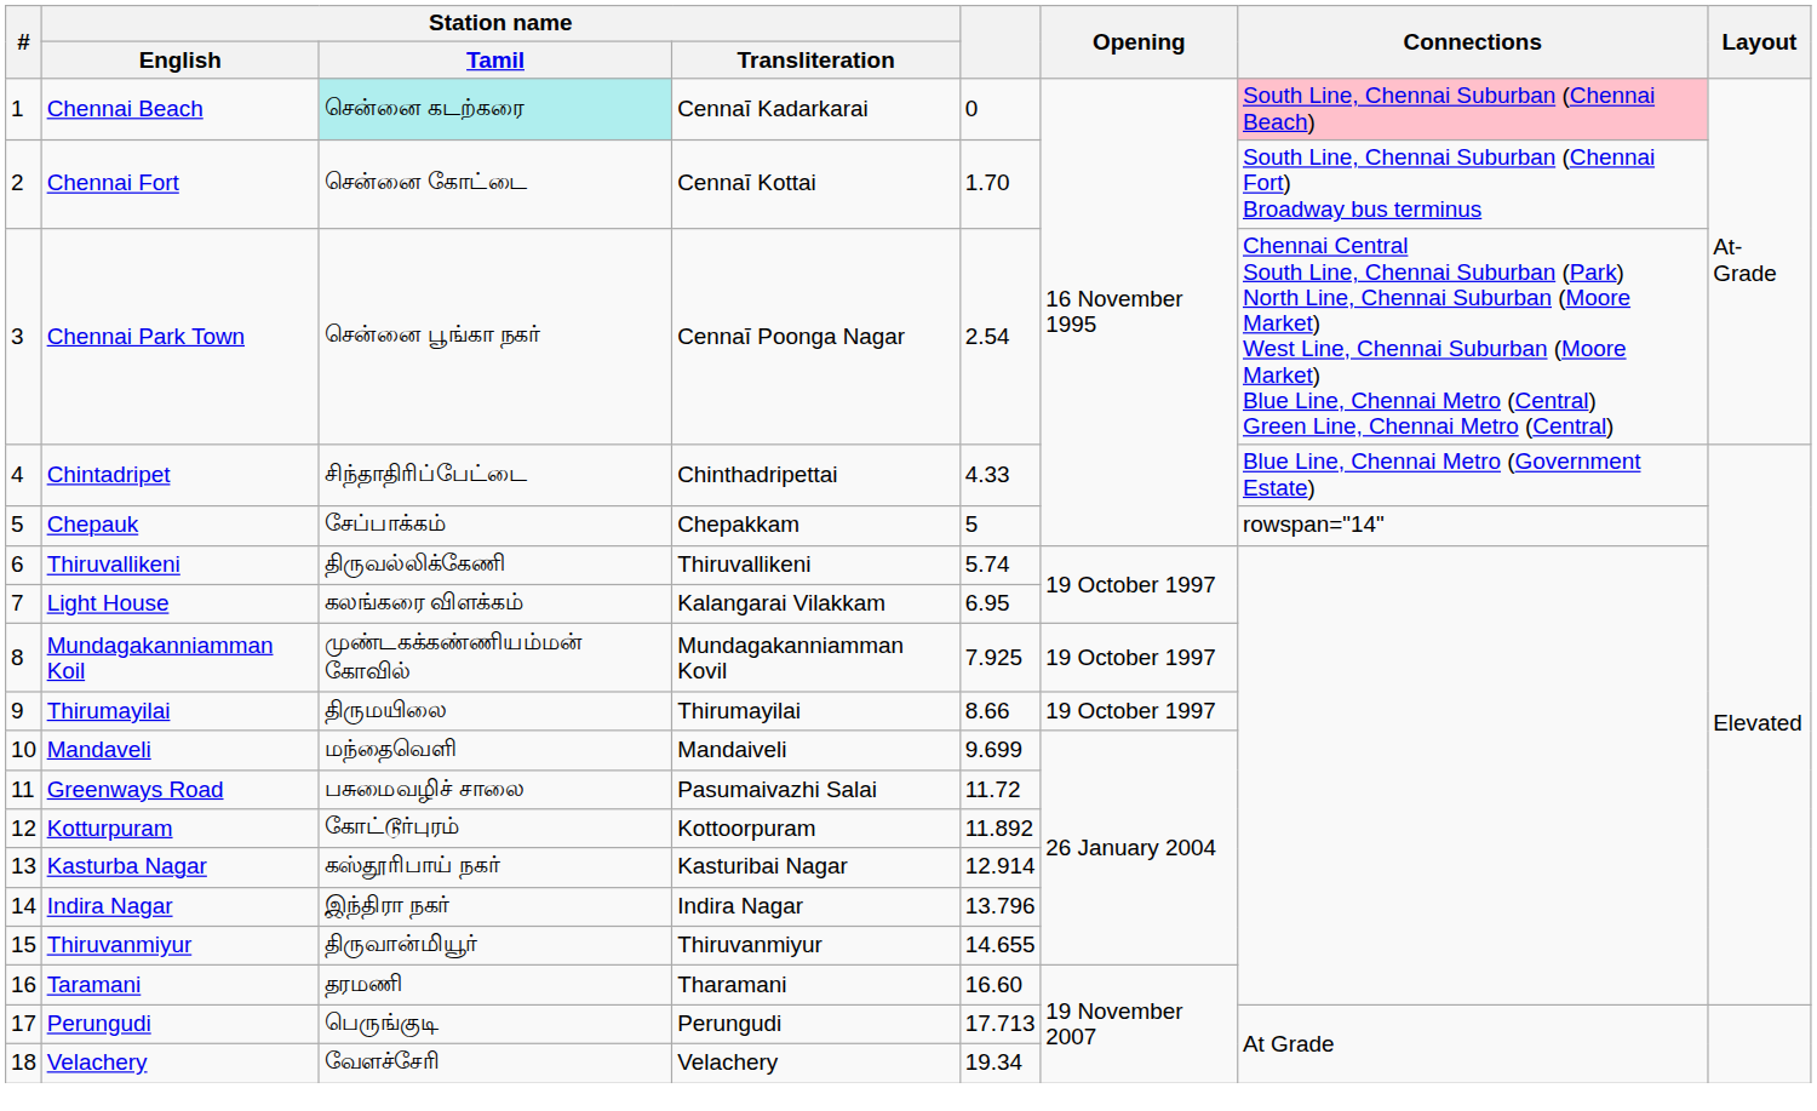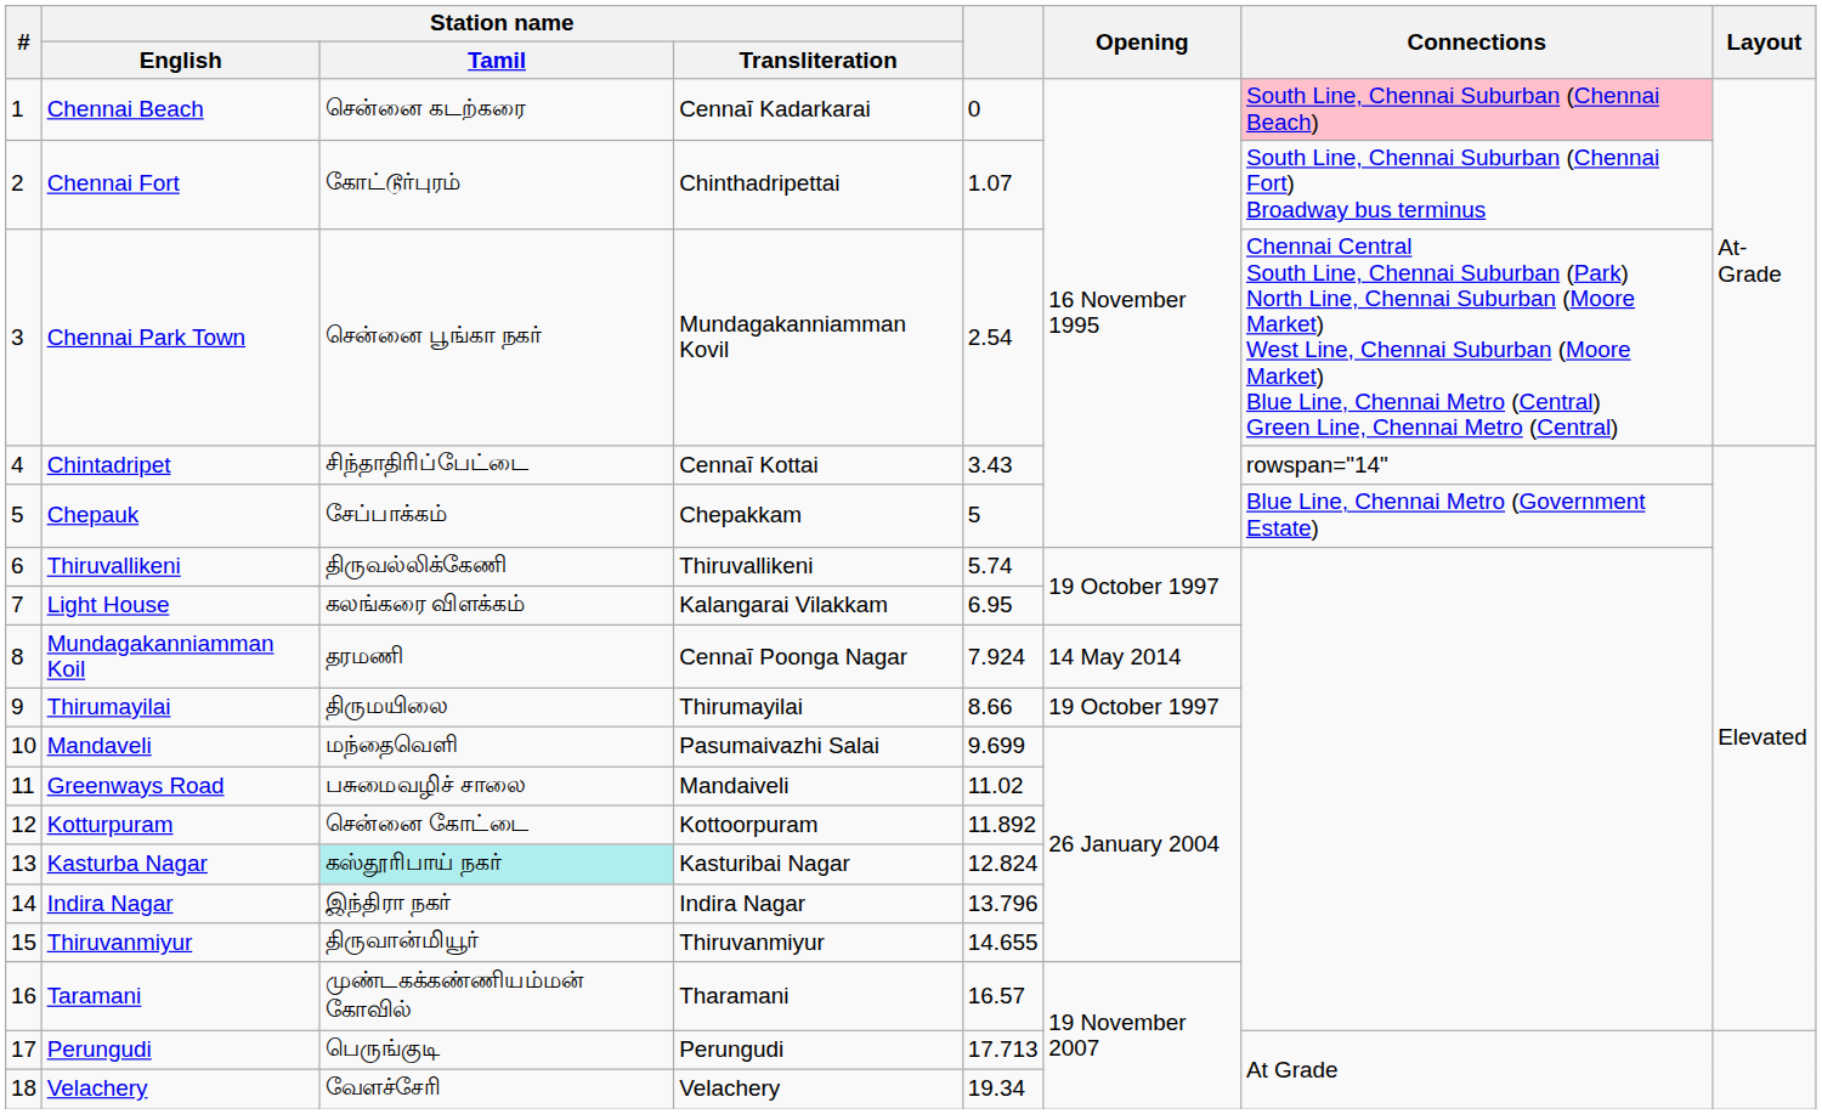 <table class="wikitable sortable" style="width:100%;" style="text-align:left;" style="font-size: 85%">
 <tr>
 <th rowspan="2">#</th>
 <th colspan="3">Station name</th>
 <th rowspan="2"></th>
 <th rowspan="2">Opening</th>
 <th rowspan="2">Connections</th>
 <th rowspan="2">Layout</th>
 </tr>
 <tr>
 <th>English</th>
 <th><a href='#'>Tamil</a></th>
 <th>Transliteration</th>
 </tr>
 <tr>
 <td>1</td>
 <td><a href='#'>Chennai Beach</a></td>
-<td style="background: paleturquoise;">சென்னை கடற்கரை</td>
+<td>சென்னை கடற்கரை</td>
 <td>Cennaī Kadarkarai</td>
 <td>0</td>
 <td rowspan="5">16 November 1995</td>
 <td style="background: pink;"> <a href='#'>South Line, Chennai Suburban</a> (<a href='#'>Chennai Beach</a>)</td>
 <td rowspan="3">At-Grade</td>
 </tr>
 <tr>
 <td>2</td>
 <td><a href='#'>Chennai Fort</a></td>
-<td>சென்னை கோட்டை</td>
-<td>Cennaī Kottai</td>
-<td>1.70</td>
+<td>கோட்டூர்புரம்</td>
+<td>Chinthadripettai</td>
+<td>1.07</td>
 <td> <a href='#'>South Line, Chennai Suburban</a> (<a href='#'>Chennai Fort</a>) <br>  <a href='#'>Broadway bus terminus</a></td>
 </tr>
 <tr>
 <td>3</td>
 <td><a href='#'>Chennai Park Town</a></td>
 <td>சென்னை பூங்கா நகர்</td>
-<td>Cennaī Poonga Nagar</td>
+<td>Mundagakanniamman Kovil</td>
 <td>2.54</td>
 <td> <a href='#'>Chennai Central</a> <br>  <a href='#'>South Line, Chennai Suburban</a> (<a href='#'>Park</a>) <br>  <a href='#'>North Line, Chennai Suburban</a> (<a href='#'>Moore Market</a>) <br>  <a href='#'>West Line, Chennai Suburban</a> (<a href='#'>Moore Market</a>) <br>  <a href='#'>Blue Line, Chennai Metro</a> (<a href='#'>Central</a>) <br>  <a href='#'>Green Line, Chennai Metro</a> (<a href='#'>Central</a>)</td>
 </tr>
 <tr>
 <td>4</td>
 <td><a href='#'>Chintadripet</a></td>
 <td>சிந்தாதிரிப்பேட்டை</td>
-<td>Chinthadripettai</td>
-<td>4.33</td>
-<td> <a href='#'>Blue Line, Chennai Metro</a> (<a href='#'>Government Estate</a>)</td>
+<td>Cennaī Kottai</td>
+<td>3.43</td>
+<td>rowspan="14" </td>
 <td rowspan="13">Elevated</td>
 </tr>
 <tr>
 <td>5</td>
 <td><a href='#'>Chepauk</a></td>
 <td>சேப்பாக்கம்</td>
 <td>Chepakkam</td>
 <td>5</td>
-<td>rowspan="14" </td>
+<td> <a href='#'>Blue Line, Chennai Metro</a> (<a href='#'>Government Estate</a>)</td>
 </tr>
 <tr>
 <td>6</td>
 <td><a href='#'>Thiruvallikeni</a></td>
 <td>திருவல்லிக்கேணி</td>
 <td>Thiruvallikeni</td>
 <td>5.74</td>
 <td rowspan="2">19 October 1997</td>
 </tr>
 <tr>
 <td>7</td>
 <td><a href='#'>Light House</a></td>
 <td>கலங்கரை விளக்கம்</td>
 <td>Kalangarai Vilakkam</td>
 <td>6.95</td>
 </tr>
 <tr>
 <td>8</td>
 <td><a href='#'>Mundagakanniamman Koil</a></td>
-<td>முண்டகக்கண்ணியம்மன் கோவில்</td>
-<td>Mundagakanniamman Kovil</td>
-<td>7.925</td>
-<td>19 October 1997</td>
+<td>தரமணி</td>
+<td>Cennaī Poonga Nagar</td>
+<td>7.924</td>
+<td>14 May 2014</td>
 </tr>
 <tr>
 <td>9</td>
 <td><a href='#'>Thirumayilai</a></td>
 <td>திருமயிலை</td>
 <td>Thirumayilai</td>
 <td>8.66</td>
 <td>19 October 1997</td>
 </tr>
 <tr>
 <td>10</td>
 <td><a href='#'>Mandaveli</a></td>
 <td>மந்தைவெளி</td>
-<td>Mandaiveli</td>
+<td>Pasumaivazhi Salai</td>
 <td>9.699</td>
 <td rowspan="6">26 January 2004</td>
 </tr>
 <tr>
 <td>11</td>
 <td><a href='#'>Greenways Road</a></td>
 <td>பசுமைவழிச் சாலை</td>
-<td>Pasumaivazhi Salai</td>
-<td>11.72</td>
+<td>Mandaiveli</td>
+<td>11.02</td>
 </tr>
 <tr>
 <td>12</td>
 <td><a href='#'>Kotturpuram</a></td>
-<td>கோட்டூர்புரம்</td>
+<td>சென்னை கோட்டை</td>
 <td>Kottoorpuram</td>
 <td>11.892</td>
 </tr>
 <tr>
 <td>13</td>
 <td><a href='#'>Kasturba Nagar</a></td>
-<td>கஸ்தூரிபாய் நகர்</td>
+<td style="background: paleturquoise;">கஸ்தூரிபாய் நகர்</td>
 <td>Kasturibai Nagar</td>
-<td>12.914</td>
+<td>12.824</td>
 </tr>
 <tr>
 <td>14</td>
 <td><a href='#'>Indira Nagar</a></td>
 <td>இந்திரா நகர்</td>
 <td>Indira Nagar</td>
 <td>13.796</td>
 </tr>
 <tr>
 <td>15</td>
 <td><a href='#'>Thiruvanmiyur</a></td>
 <td>திருவான்மியூர்</td>
 <td>Thiruvanmiyur</td>
 <td>14.655</td>
 </tr>
 <tr>
 <td>16</td>
 <td><a href='#'>Taramani</a></td>
-<td>தரமணி</td>
+<td>முண்டகக்கண்ணியம்மன் கோவில்</td>
 <td>Tharamani</td>
-<td>16.60</td>
+<td>16.57</td>
 <td rowspan="3">19 November 2007</td>
 </tr>
 <tr>
 <td>17</td>
 <td><a href='#'>Perungudi</a></td>
 <td>பெருங்குடி</td>
 <td>Perungudi</td>
 <td>17.713</td>
 <td rowspan="2">At Grade</td>
 </tr>
 <tr>
 <td>18</td>
 <td><a href='#'>Velachery</a></td>
 <td>வேளச்சேரி</td>
 <td>Velachery</td>
 <td>19.34</td>
 </tr>
 </table>
